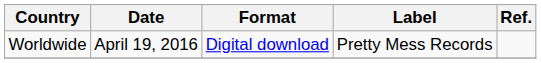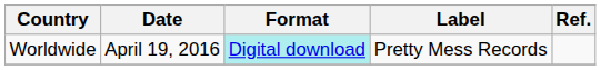 <table class="wikitable plainrowheaders">
 <tr>
 <th scope="col">Country</th>
 <th scope="col">Date</th>
 <th scope="col">Format</th>
 <th scope="col">Label</th>
 <th scope="col">Ref.</th>
 </tr>
 <tr>
 <td>Worldwide</td>
 <td>April 19, 2016</td>
-<td><a href='#'>Digital download</a></td>
+<td style="background: paleturquoise;"><a href='#'>Digital download</a></td>
 <td>Pretty Mess Records</td>
 <td></td>
 </tr>
 <tr>
 </tr>
 </table>
